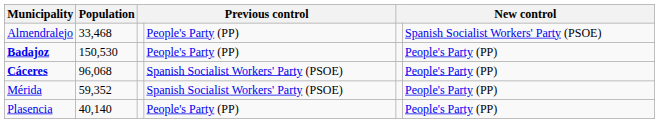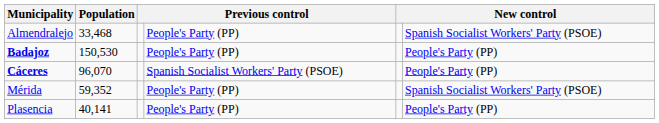 <table class="wikitable sortable">
 <tr>
 <th>Municipality</th>
 <th>Population</th>
 <th colspan="2" style="width:375px;">Previous control</th>
 <th colspan="2" style="width:375px;">New control</th>
 </tr>
 <tr>
 <td><a href='#'>Almendralejo</a></td>
 <td>33,468</td>
 <td width="1" style="color:inherit;background:"></td>
 <td><a href='#'>People's Party</a> (PP)</td>
 <td width="1" style="color:inherit;background:"></td>
 <td><a href='#'>Spanish Socialist Workers' Party</a> (PSOE)</td>
 </tr>
 <tr>
 <td><strong><a href='#'>Badajoz</a></strong></td>
 <td>150,530</td>
 <td style="color:inherit;background:"></td>
 <td><a href='#'>People's Party</a> (PP)</td>
 <td style="color:inherit;background:"></td>
 <td><a href='#'>People's Party</a> (PP)</td>
 </tr>
 <tr>
 <td><strong><a href='#'>Cáceres</a></strong></td>
-<td>96,068</td>
+<td>96,070</td>
 <td style="color:inherit;background:"></td>
 <td><a href='#'>Spanish Socialist Workers' Party</a> (PSOE)</td>
 <td style="color:inherit;background:"></td>
 <td><a href='#'>People's Party</a> (PP)</td>
 </tr>
 <tr>
 <td><a href='#'>Mérida</a></td>
 <td>59,352</td>
 <td style="color:inherit;background:"></td>
+<td><a href='#'>People's Party</a> (PP)</td>
+<td style="color:inherit;background:"></td>
 <td><a href='#'>Spanish Socialist Workers' Party</a> (PSOE)</td>
-<td style="color:inherit;background:"></td>
-<td><a href='#'>People's Party</a> (PP)</td>
 </tr>
 <tr>
 <td><a href='#'>Plasencia</a></td>
-<td>40,140</td>
+<td>40,141</td>
 <td style="color:inherit;background:"></td>
 <td><a href='#'>People's Party</a> (PP)</td>
 <td style="color:inherit;background:"></td>
 <td><a href='#'>People's Party</a> (PP)</td>
 </tr>
 </table>
